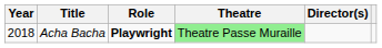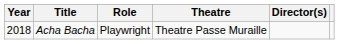 <table class="wikitable sortable">
 <tr>
 <th>Year</th>
 <th>Title</th>
 <th>Role</th>
 <th>Theatre</th>
 <th>Director(s)</th>
 <th></th>
 </tr>
 <tr>
 <td rowspan=3>2018</td>
 <td><em>Acha Bacha</em></td>
-<td><strong>Playwright</strong></td>
-<td style="background: lightgreen;">Theatre Passe Muraille</td>
+<td>Playwright</td>
+<td>Theatre Passe Muraille</td>
 <td></td>
 <td></td>
 </tr>
 </table>
